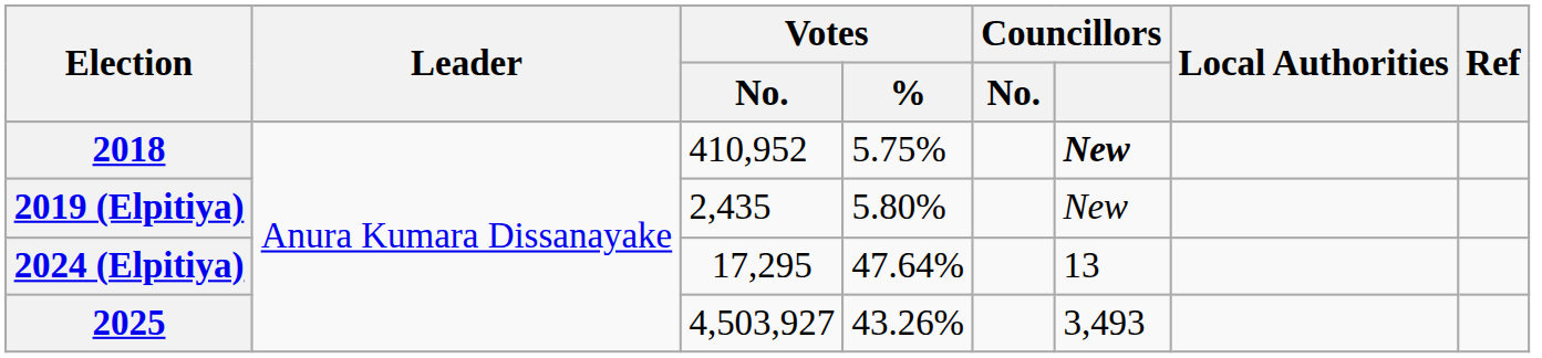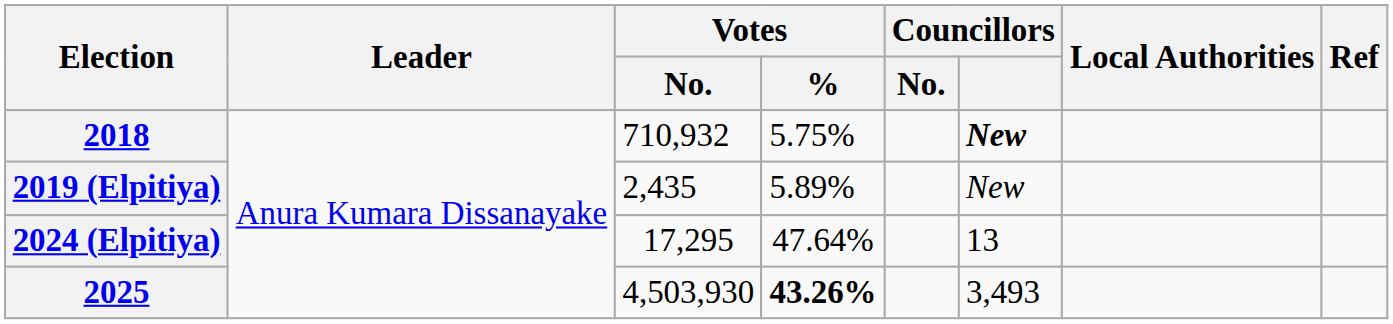 <table class="sortable wikitable">
 <tr>
 <th rowspan=2 style="background-color:">Election</th>
 <th rowspan=2 style="background-color:">Leader</th>
 <th colspan=2 style="background-color:">Votes</th>
 <th colspan=2 style="background-color:">Councillors</th>
 <th rowspan=2 style="background-color:">Local Authorities</th>
 <th rowspan="2" style="background-color:">Ref</th>
 </tr>
 <tr>
 <th style="background-color:">No.</th>
 <th style="background-color:">%</th>
 <th style="background-color:">No.</th>
 <th style="background-color:"></th>
 </tr>
 <tr>
 <th><a href='#'>2018</a></th>
 <td rowspan="4"><a href='#'>Anura Kumara Dissanayake</a></td>
-<td>410,952</td>
+<td>710,932</td>
 <td>5.75%</td>
 <td></td>
 <td><strong><em>New</em></strong></td>
 <td></td>
 <td></td>
 </tr>
 <tr>
 <th><a href='#'>2019 (Elpitiya)</a></th>
 <td>2,435</td>
-<td>5.80%</td>
+<td>5.89%</td>
 <td></td>
 <td><em>New</em></td>
 <td></td>
 <td></td>
 </tr>
 <tr>
 <th><a href='#'>2024 (Elpitiya)</a></th>
 <td align="center">17,295</td>
 <td align="center">47.64%</td>
 <td></td>
 <td> 13</td>
 <td></td>
 <td></td>
 </tr>
 <tr>
 <th><a href='#'>2025</a></th>
-<td>4,503,927</td>
-<td>43.26%</td>
+<td>4,503,930</td>
+<td><strong>43.26%</strong></td>
 <td></td>
 <td> 3,493</td>
 <td></td>
 <td></td>
 </tr>
 </table>
